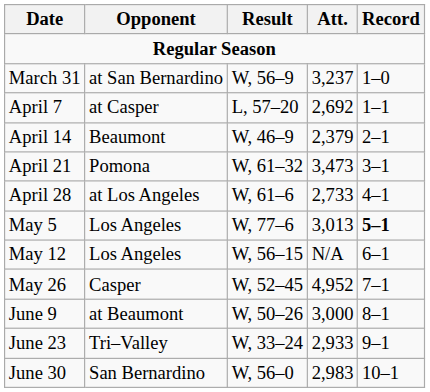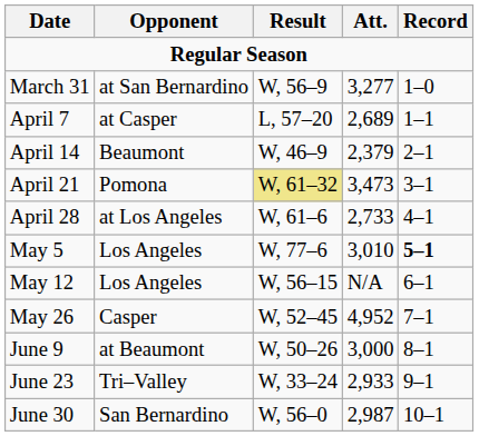 <table class="wikitable" style="text–align:center">
 <tr bgcolor="#efefef">
 <th>Date</th>
 <th>Opponent</th>
 <th>Result</th>
 <th>Att.</th>
 <th>Record</th>
 </tr>
 <tr>
 <td colspan="6" align="center"><strong>Regular Season</strong></td>
 </tr>
 <tr>
 <td>March 31</td>
 <td>at San Bernardino</td>
 <td>W, 56–9</td>
-<td>3,237</td>
+<td>3,277</td>
 <td>1–0</td>
 </tr>
 <tr>
 <td>April 7</td>
 <td>at Casper</td>
 <td>L, 57–20</td>
-<td>2,692</td>
+<td>2,689</td>
 <td>1–1</td>
 </tr>
 <tr>
 <td>April 14</td>
 <td>Beaumont</td>
 <td>W, 46–9</td>
 <td>2,379</td>
 <td>2–1</td>
 </tr>
 <tr>
 <td>April 21</td>
 <td>Pomona</td>
-<td>W, 61–32</td>
+<td style="background: khaki;">W, 61–32</td>
 <td>3,473</td>
 <td>3–1</td>
 </tr>
 <tr>
 <td>April 28</td>
 <td>at Los Angeles</td>
 <td>W, 61–6</td>
 <td>2,733</td>
 <td>4–1</td>
 </tr>
 <tr>
 <td>May 5</td>
 <td>Los Angeles</td>
 <td>W, 77–6</td>
-<td>3,013</td>
+<td>3,010</td>
 <td><strong>5–1</strong></td>
 </tr>
 <tr>
 <td>May 12</td>
 <td>Los Angeles</td>
 <td>W, 56–15</td>
 <td>N/A</td>
 <td>6–1</td>
 </tr>
 <tr>
 <td>May 26</td>
 <td>Casper</td>
 <td>W, 52–45</td>
 <td>4,952</td>
 <td>7–1</td>
 </tr>
 <tr>
 <td>June 9</td>
 <td>at Beaumont</td>
 <td>W, 50–26</td>
 <td>3,000</td>
 <td>8–1</td>
 </tr>
 <tr>
 <td>June 23</td>
 <td>Tri–Valley</td>
 <td>W, 33–24</td>
 <td>2,933</td>
 <td>9–1</td>
 </tr>
 <tr>
 <td>June 30</td>
 <td>San Bernardino</td>
 <td>W, 56–0</td>
-<td>2,983</td>
+<td>2,987</td>
 <td>10–1</td>
 </tr>
 </table>
